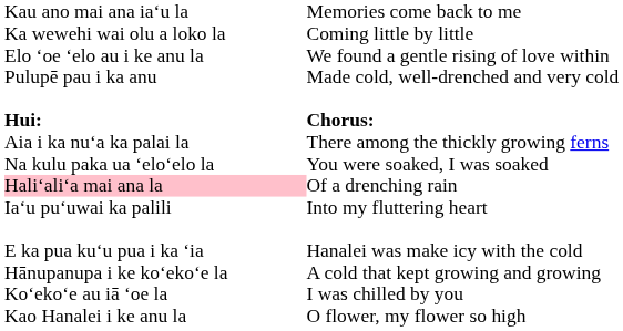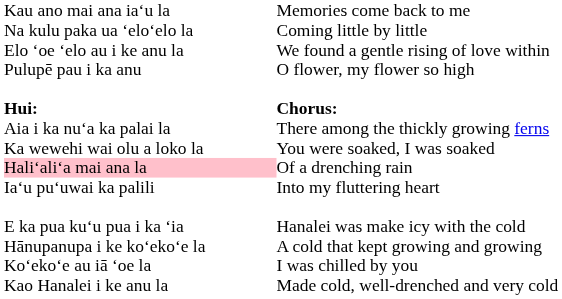 <table cellpadding=0 cellspacing=0>
 <tr>
 <td>Kau ano mai ana iaʻu la</td>
 <td>Memories come back to me</td>
 </tr>
 <tr>
-<td>Ka wewehi wai olu a loko la</td>
+<td>Na kulu paka ua ʻeloʻelo la</td>
 <td>Coming little by little</td>
 </tr>
 <tr>
 <td>Elo ʻoe ʻelo au i ke anu la</td>
 <td>We found a gentle rising of love within</td>
 </tr>
 <tr>
 <td>Pulupē pau i ka anu</td>
-<td>Made cold, well-drenched and very cold</td>
+<td>O flower, my flower so high</td>
 </tr>
 <tr>
 <td style="width:250px;"> </td>
 <td style="width:300px;"> </td>
 </tr>
 <tr>
 <td><strong>Hui:</strong></td>
 <td><strong>Chorus:</strong></td>
 </tr>
 <tr>
 <td>Aia i ka nuʻa ka palai la</td>
 <td>There among the thickly growing <a href='#'>ferns</a></td>
 </tr>
 <tr>
-<td>Na kulu paka ua ʻeloʻelo la</td>
+<td>Ka wewehi wai olu a loko la</td>
 <td>You were soaked, I was soaked</td>
 </tr>
 <tr>
 <td style="background: pink;">Haliʻaliʻa mai ana la</td>
 <td>Of a drenching rain</td>
 </tr>
 <tr>
 <td>Iaʻu puʻuwai ka palili</td>
 <td>Into my fluttering heart</td>
 </tr>
 <tr>
 <td> </td>
 <td> </td>
 </tr>
 <tr>
 <td>E ka pua kuʻu pua i ka ʻia</td>
 <td>Hanalei was make icy with the cold</td>
 </tr>
 <tr>
 <td>Hānupanupa i ke koʻekoʻe la</td>
 <td>A cold that kept growing and growing</td>
 </tr>
 <tr>
 <td>Koʻekoʻe au iā ʻoe la</td>
 <td>I was chilled by you</td>
 </tr>
 <tr>
 <td>Kao Hanalei i ke anu la</td>
-<td>O flower, my flower so high</td>
+<td>Made cold, well-drenched and very cold</td>
 </tr>
 </table>
